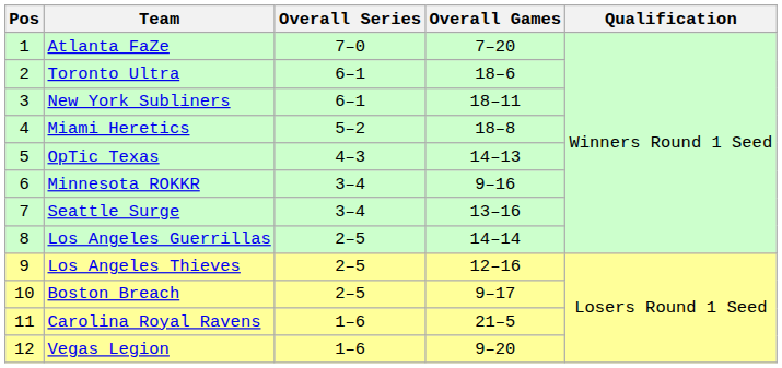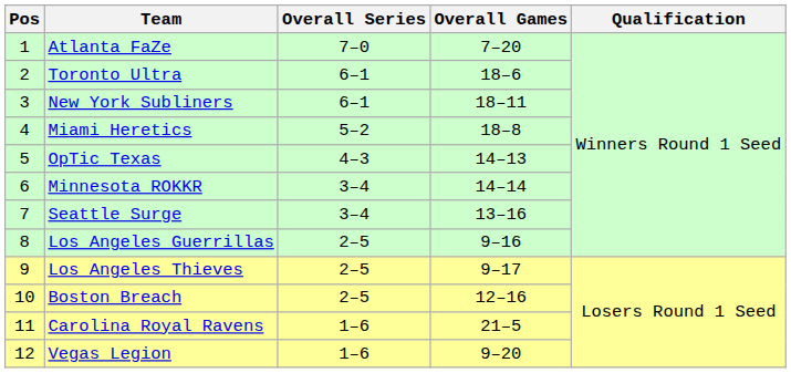 <table class="wikitable" style="text-align:center">
 <tr>
 <th>Pos</th>
 <th>Team</th>
 <th>Overall Series</th>
 <th>Overall Games</th>
 <th>Qualification</th>
 </tr>
 <tr style="background:#CCFFCC">
 <td>1</td>
 <td style="text-align:left;"><a href='#'>Atlanta FaZe</a></td>
 <td>7–0</td>
 <td>7–20</td>
 <td rowspan="8">Winners Round 1 Seed</td>
 </tr>
 <tr style="background:#CCFFCC">
 <td>2</td>
 <td style="text-align:left;"><a href='#'>Toronto Ultra</a></td>
 <td>6–1</td>
 <td>18–6</td>
 </tr>
 <tr style="background:#CCFFCC">
 <td>3</td>
 <td style="text-align:left;"><a href='#'>New York Subliners</a></td>
 <td>6–1</td>
 <td>18–11</td>
 </tr>
 <tr style="background:#CCFFCC">
 <td>4</td>
 <td style="text-align:left;"><a href='#'>Miami Heretics</a></td>
 <td>5–2</td>
 <td>18–8</td>
 </tr>
 <tr style="background:#CCFFCC">
 <td>5</td>
 <td style="text-align:left;"><a href='#'>OpTic Texas</a></td>
 <td>4–3</td>
 <td>14–13</td>
 </tr>
 <tr style="background:#CCFFCC">
 <td>6</td>
 <td style="text-align:left;"><a href='#'>Minnesota ROKKR</a></td>
 <td>3–4</td>
-<td>9–16</td>
+<td>14–14</td>
 </tr>
 <tr style="background:#CCFFCC">
 <td>7</td>
 <td style="text-align:left;"><a href='#'>Seattle Surge</a></td>
 <td>3–4</td>
 <td>13–16</td>
 </tr>
 <tr style="background:#CCFFCC">
 <td>8</td>
 <td style="text-align:left;"><a href='#'>Los Angeles Guerrillas</a></td>
 <td>2–5</td>
-<td>14–14</td>
+<td>9–16</td>
 </tr>
 <tr style="background:#FFFF99">
 <td>9</td>
 <td style="text-align:left;"><a href='#'>Los Angeles Thieves</a></td>
 <td>2–5</td>
-<td>12–16</td>
+<td>9–17</td>
 <td rowspan="4">Losers Round 1 Seed</td>
 </tr>
 <tr style="background:#FFFF99">
 <td>10</td>
 <td style="text-align:left;"><a href='#'>Boston Breach</a></td>
 <td>2–5</td>
-<td>9–17</td>
+<td>12–16</td>
 </tr>
 <tr style="background:#FFFF99">
 <td>11</td>
 <td style="text-align:left;"><a href='#'>Carolina Royal Ravens</a></td>
 <td>1–6</td>
 <td>21–5</td>
 </tr>
 <tr style="background:#FFFF99">
 <td>12</td>
 <td style="text-align:left;"><a href='#'>Vegas Legion</a></td>
 <td>1–6</td>
 <td>9–20</td>
 </tr>
 </table>
